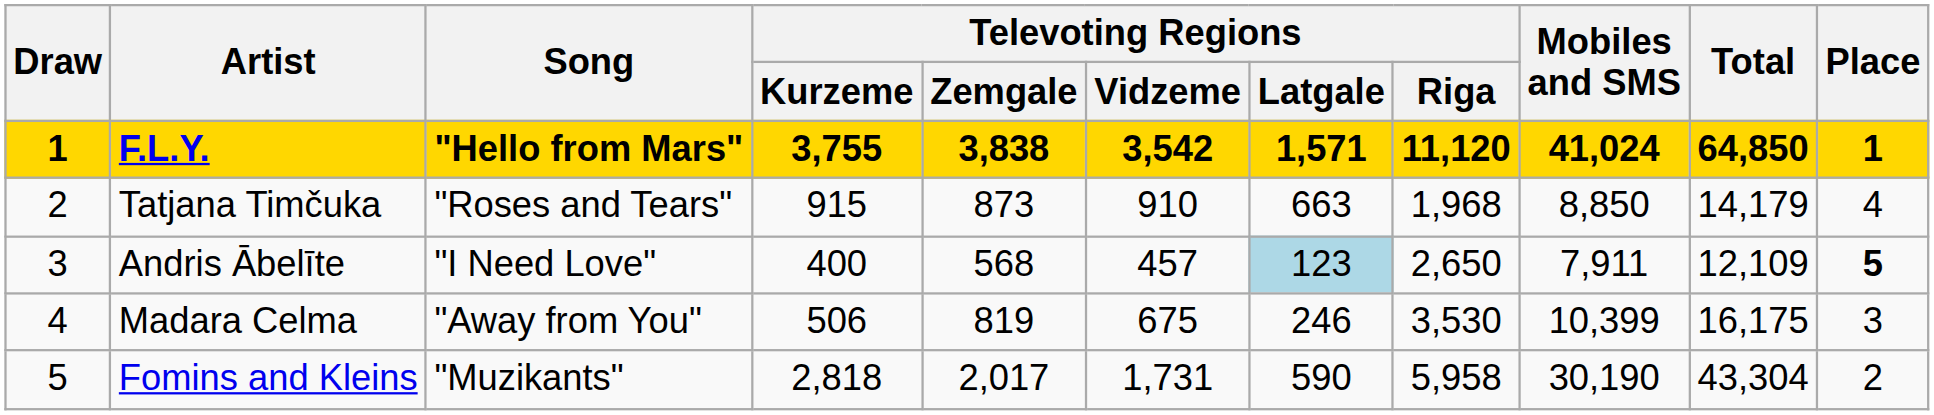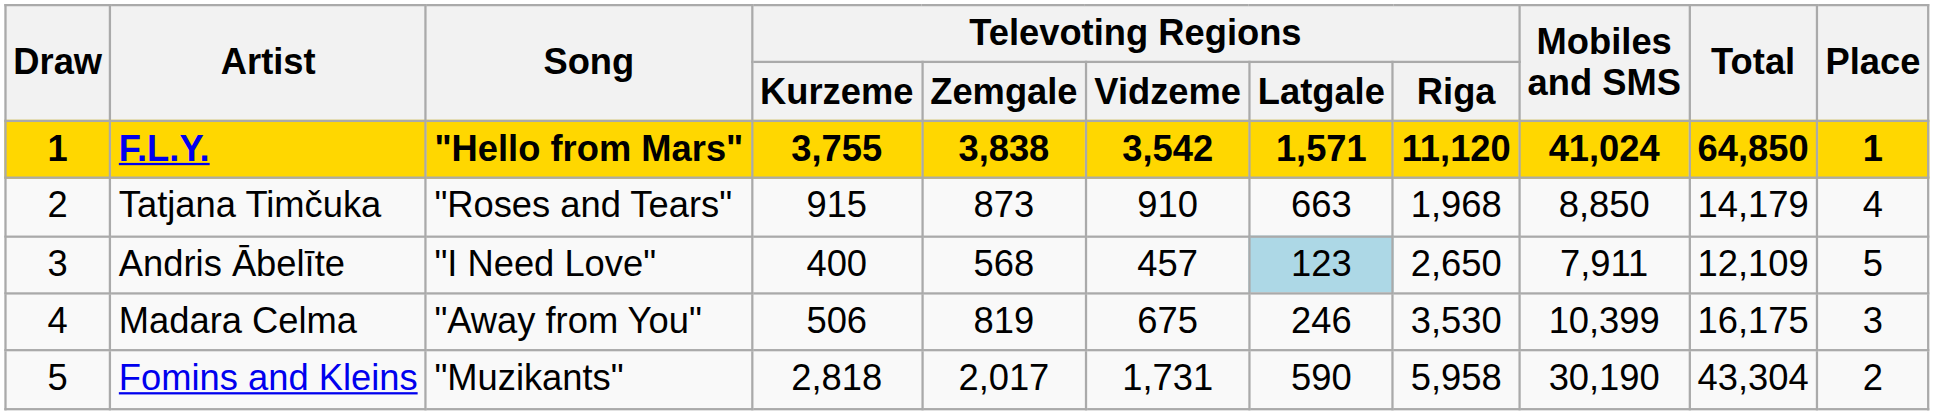 <table class="sortable wikitable" style="margin: 1em auto 1em auto; text-align:center;">
 <tr>
 <th rowspan="2">Draw</th>
 <th rowspan="2">Artist</th>
 <th rowspan="2">Song</th>
 <th colspan="5">Televoting Regions</th>
 <th rowspan="2">Mobiles<br>and SMS</th>
 <th rowspan="2">Total</th>
 <th rowspan="2">Place</th>
 </tr>
 <tr>
 <th>Kurzeme</th>
 <th>Zemgale</th>
 <th>Vidzeme</th>
 <th>Latgale</th>
 <th>Riga</th>
 </tr>
 <tr style="font-weight:bold;background:gold;">
 <td>1</td>
 <td align="left" data-sort-value="FLY"><a href='#'>F.L.Y.</a></td>
 <td align="left">"Hello from Mars"</td>
 <td>3,755</td>
 <td>3,838</td>
 <td>3,542</td>
 <td>1,571</td>
 <td>11,120</td>
 <td>41,024</td>
 <td>64,850</td>
 <td>1</td>
 </tr>
 <tr>
 <td>2</td>
 <td align="left">Tatjana Timčuka</td>
 <td align="left">"Roses and Tears"</td>
 <td>915</td>
 <td>873</td>
 <td>910</td>
 <td>663</td>
 <td>1,968</td>
 <td>8,850</td>
 <td>14,179</td>
 <td>4</td>
 </tr>
 <tr>
 <td>3</td>
 <td align="left">Andris Ābelīte</td>
 <td align="left">"I Need Love"</td>
 <td>400</td>
 <td>568</td>
 <td>457</td>
 <td style="background: lightblue;">123</td>
 <td>2,650</td>
 <td>7,911</td>
 <td>12,109</td>
-<td><strong>5</strong></td>
+<td>5</td>
 </tr>
 <tr>
 <td>4</td>
 <td align="left">Madara Celma</td>
 <td align="left">"Away from You"</td>
 <td>506</td>
 <td>819</td>
 <td>675</td>
 <td>246</td>
 <td>3,530</td>
 <td>10,399</td>
 <td>16,175</td>
 <td>3</td>
 </tr>
 <tr>
 <td>5</td>
 <td align="left"><a href='#'>Fomins and Kleins</a></td>
 <td align="left">"Muzikants"</td>
 <td>2,818</td>
 <td>2,017</td>
 <td>1,731</td>
 <td>590</td>
 <td>5,958</td>
 <td>30,190</td>
 <td>43,304</td>
 <td>2</td>
 </tr>
 </table>
